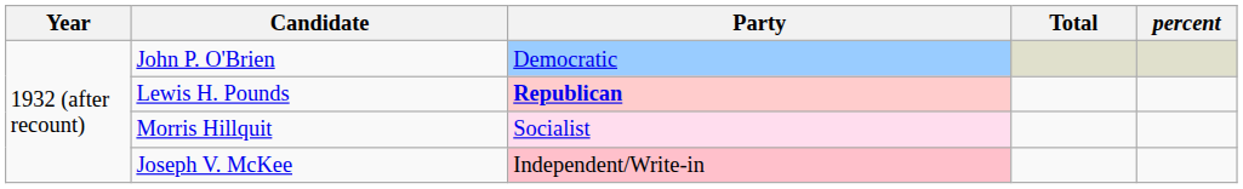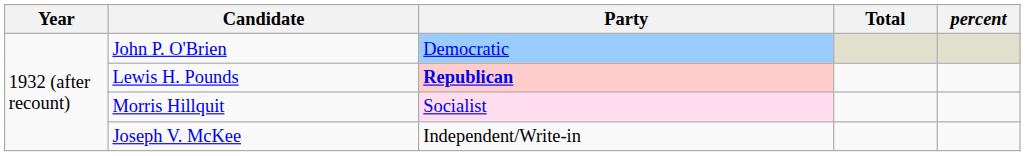 <table class="wikitable" style="width:100%;">
 <tr>
 <th style="width:10%;">Year</th>
 <th style="width:30%;">Candidate</th>
 <th style="width:40%;">Party</th>
 <th style="width:10%;">Total</th>
 <th style="width:8%;"><em>percent</em></th>
 </tr>
 <tr>
 <td rowspan="4">1932 (after recount)</td>
 <td><a href='#'>John P. O'Brien</a></td>
 <td style="background:#9cf;"><a href='#'>Democratic</a></td>
 <td style="background:#e0e0cc;"></td>
 <td style="background:#e0e0cc;"><em></em></td>
 </tr>
 <tr>
 <td><a href='#'>Lewis H. Pounds</a></td>
 <td style="background:#fcc;"><strong><a href='#'>Republican</a></strong></td>
 <td></td>
 <td><em></em></td>
 </tr>
 <tr>
 <td><a href='#'>Morris Hillquit</a></td>
 <td style="background:#fde;"><a href='#'>Socialist</a></td>
 <td></td>
 <td><em></em></td>
 </tr>
 <tr>
 <td><a href='#'>Joseph V. McKee</a></td>
-<td style="background: pink;">Independent/Write-in</td>
+<td>Independent/Write-in</td>
 <td></td>
 <td><em></em></td>
 </tr>
 </table>
